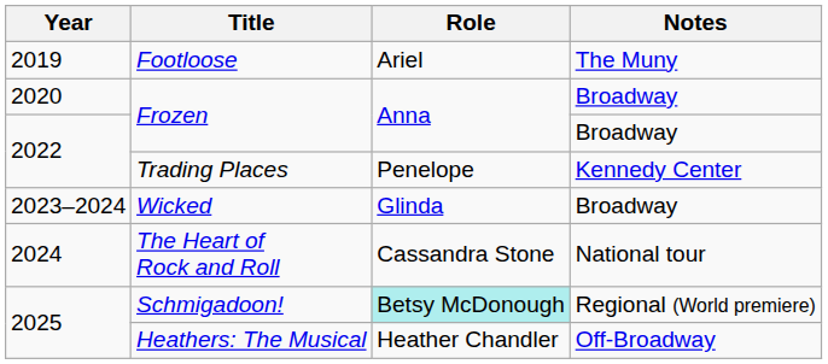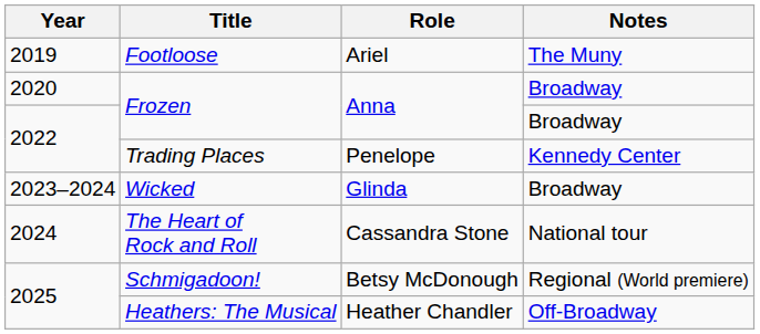 <table class="wikitable sortable">
 <tr>
 <th>Year</th>
 <th>Title</th>
 <th>Role</th>
 <th class="unsortable">Notes</th>
 </tr>
 <tr>
 <td>2019</td>
 <td><a href='#'><em>Footloose</em></a></td>
 <td>Ariel</td>
 <td><a href='#'>The Muny</a></td>
 </tr>
 <tr>
 <td>2020</td>
 <td rowspan=2><em><a href='#'>Frozen</a></em></td>
 <td rowspan=2><a href='#'>Anna</a></td>
 <td><a href='#'>Broadway</a></td>
 </tr>
 <tr>
 <td rowspan=2>2022</td>
 <td>Broadway</td>
 </tr>
 <tr>
 <td><em>Trading Places</em></td>
 <td>Penelope</td>
 <td><a href='#'>Kennedy Center</a></td>
 </tr>
 <tr>
 <td>2023–2024</td>
 <td><a href='#'><em>Wicked</em></a></td>
 <td><a href='#'>Glinda</a></td>
 <td>Broadway</td>
 </tr>
 <tr>
 <td>2024</td>
 <td><em><a href='#'>The Heart of <br>Rock and Roll</a></em></td>
 <td>Cassandra Stone</td>
 <td>National tour</td>
 </tr>
 <tr>
 <td rowspan=2>2025</td>
 <td><em><a href='#'>Schmigadoon!</a></em></td>
-<td style="background: paleturquoise;">Betsy McDonough</td>
+<td>Betsy McDonough</td>
 <td>Regional <small>(World premiere)</small></td>
 </tr>
 <tr>
 <td><em><a href='#'>Heathers: The Musical</a></em></td>
 <td>Heather Chandler</td>
 <td><a href='#'>Off-Broadway</a></td>
 </tr>
 </table>
